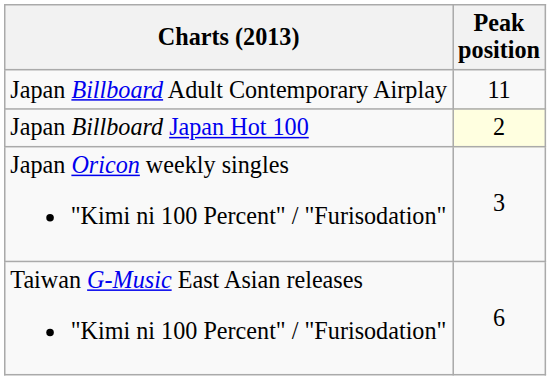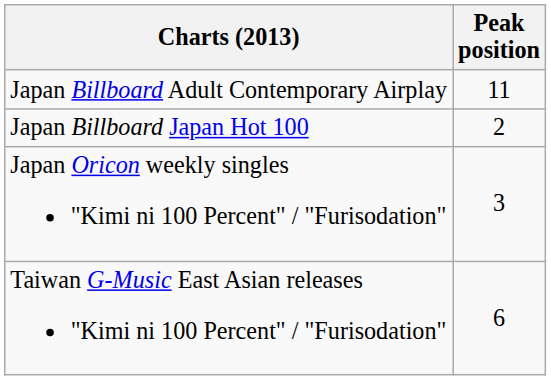 <table class="wikitable sortable">
 <tr>
 <th>Charts (2013)</th>
 <th>Peak<br>position</th>
 </tr>
 <tr>
 <td>Japan <em><a href='#'>Billboard</a></em> Adult Contemporary Airplay</td>
 <td style="text-align:center;">11</td>
 </tr>
 <tr>
 <td>Japan <em>Billboard</em> <a href='#'>Japan Hot 100</a></td>
-<td style="background: lightyellow; text-align:center;">2</td>
+<td style="text-align:center;">2</td>
 </tr>
 <tr>
 <td>Japan <em><a href='#'>Oricon</a></em> weekly singles<br><ul><li>"Kimi ni 100 Percent" / "Furisodation"</li></ul></td>
 <td align="center">3</td>
 </tr>
 <tr>
 <td>Taiwan <em><a href='#'>G-Music</a></em> East Asian releases<br><ul><li>"Kimi ni 100 Percent" / "Furisodation"</li></ul></td>
 <td align="center">6</td>
 </tr>
 </table>
